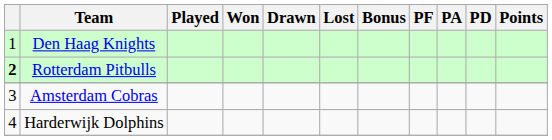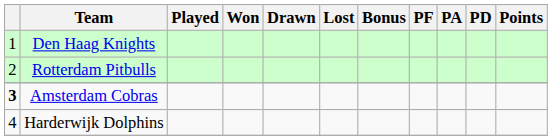 <table class="wikitable">
 <tr>
 <th></th>
 <th>Team</th>
 <th>Played</th>
 <th>Won</th>
 <th>Drawn</th>
 <th>Lost</th>
 <th>Bonus</th>
 <th>PF</th>
 <th>PA</th>
 <th>PD</th>
 <th>Points</th>
 </tr>
 <tr align=center style="background:#ccffcc;">
 <td>1</td>
 <td><a href='#'>Den Haag Knights</a></td>
 <td></td>
 <td></td>
 <td></td>
 <td></td>
 <td></td>
 <td></td>
 <td></td>
 <td></td>
 <td></td>
 </tr>
 <tr align=center style="background:#ccffcc;">
-<td><strong>2</strong></td>
+<td>2</td>
 <td><a href='#'>Rotterdam Pitbulls</a></td>
 <td></td>
 <td></td>
 <td></td>
 <td></td>
 <td></td>
 <td></td>
 <td></td>
 <td></td>
 <td></td>
 </tr>
 <tr align=center>
 </tr>
 <tr align=center style="background:;">
-<td>3</td>
+<td><strong>3</strong></td>
 <td><a href='#'>Amsterdam Cobras</a></td>
 <td></td>
 <td></td>
 <td></td>
 <td></td>
 <td></td>
 <td></td>
 <td></td>
 <td></td>
 <td></td>
 </tr>
 <tr align=center style="background:;">
 <td>4</td>
 <td>Harderwijk Dolphins</td>
 <td></td>
 <td></td>
 <td></td>
 <td></td>
 <td></td>
 <td></td>
 <td></td>
 <td></td>
 <td></td>
 </tr>
 <tr>
 </tr>
 </table>
